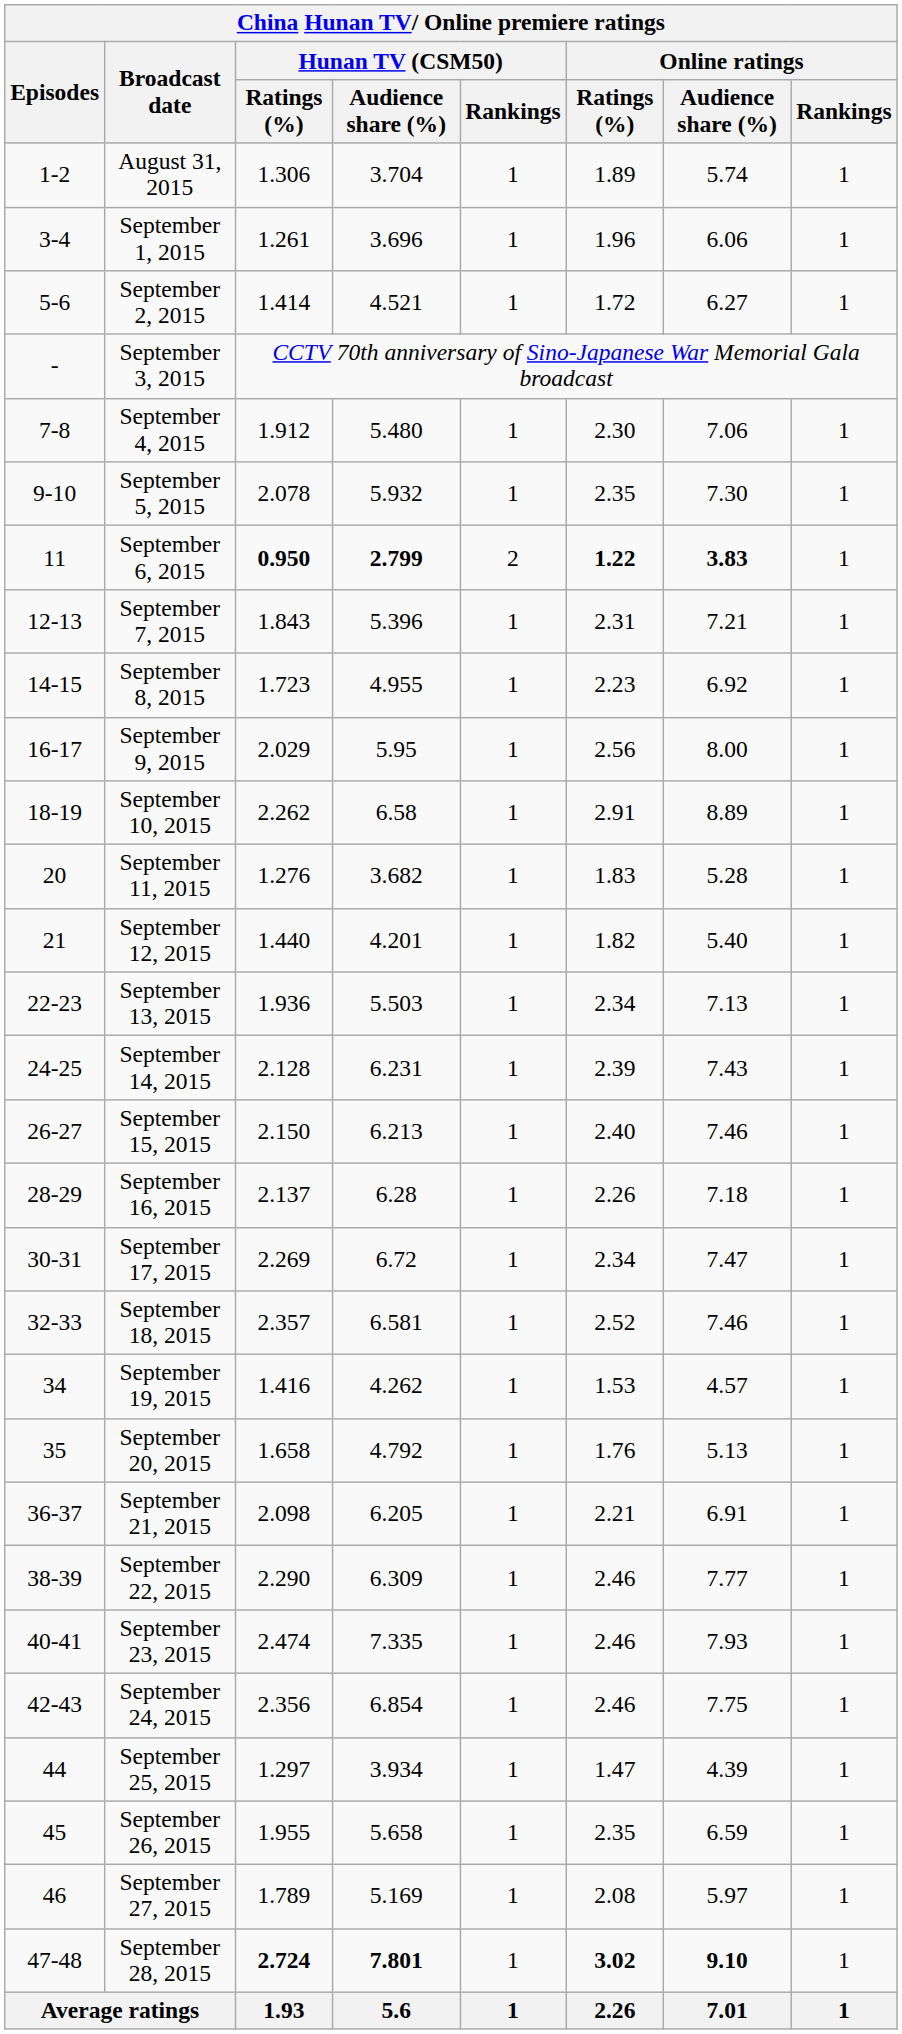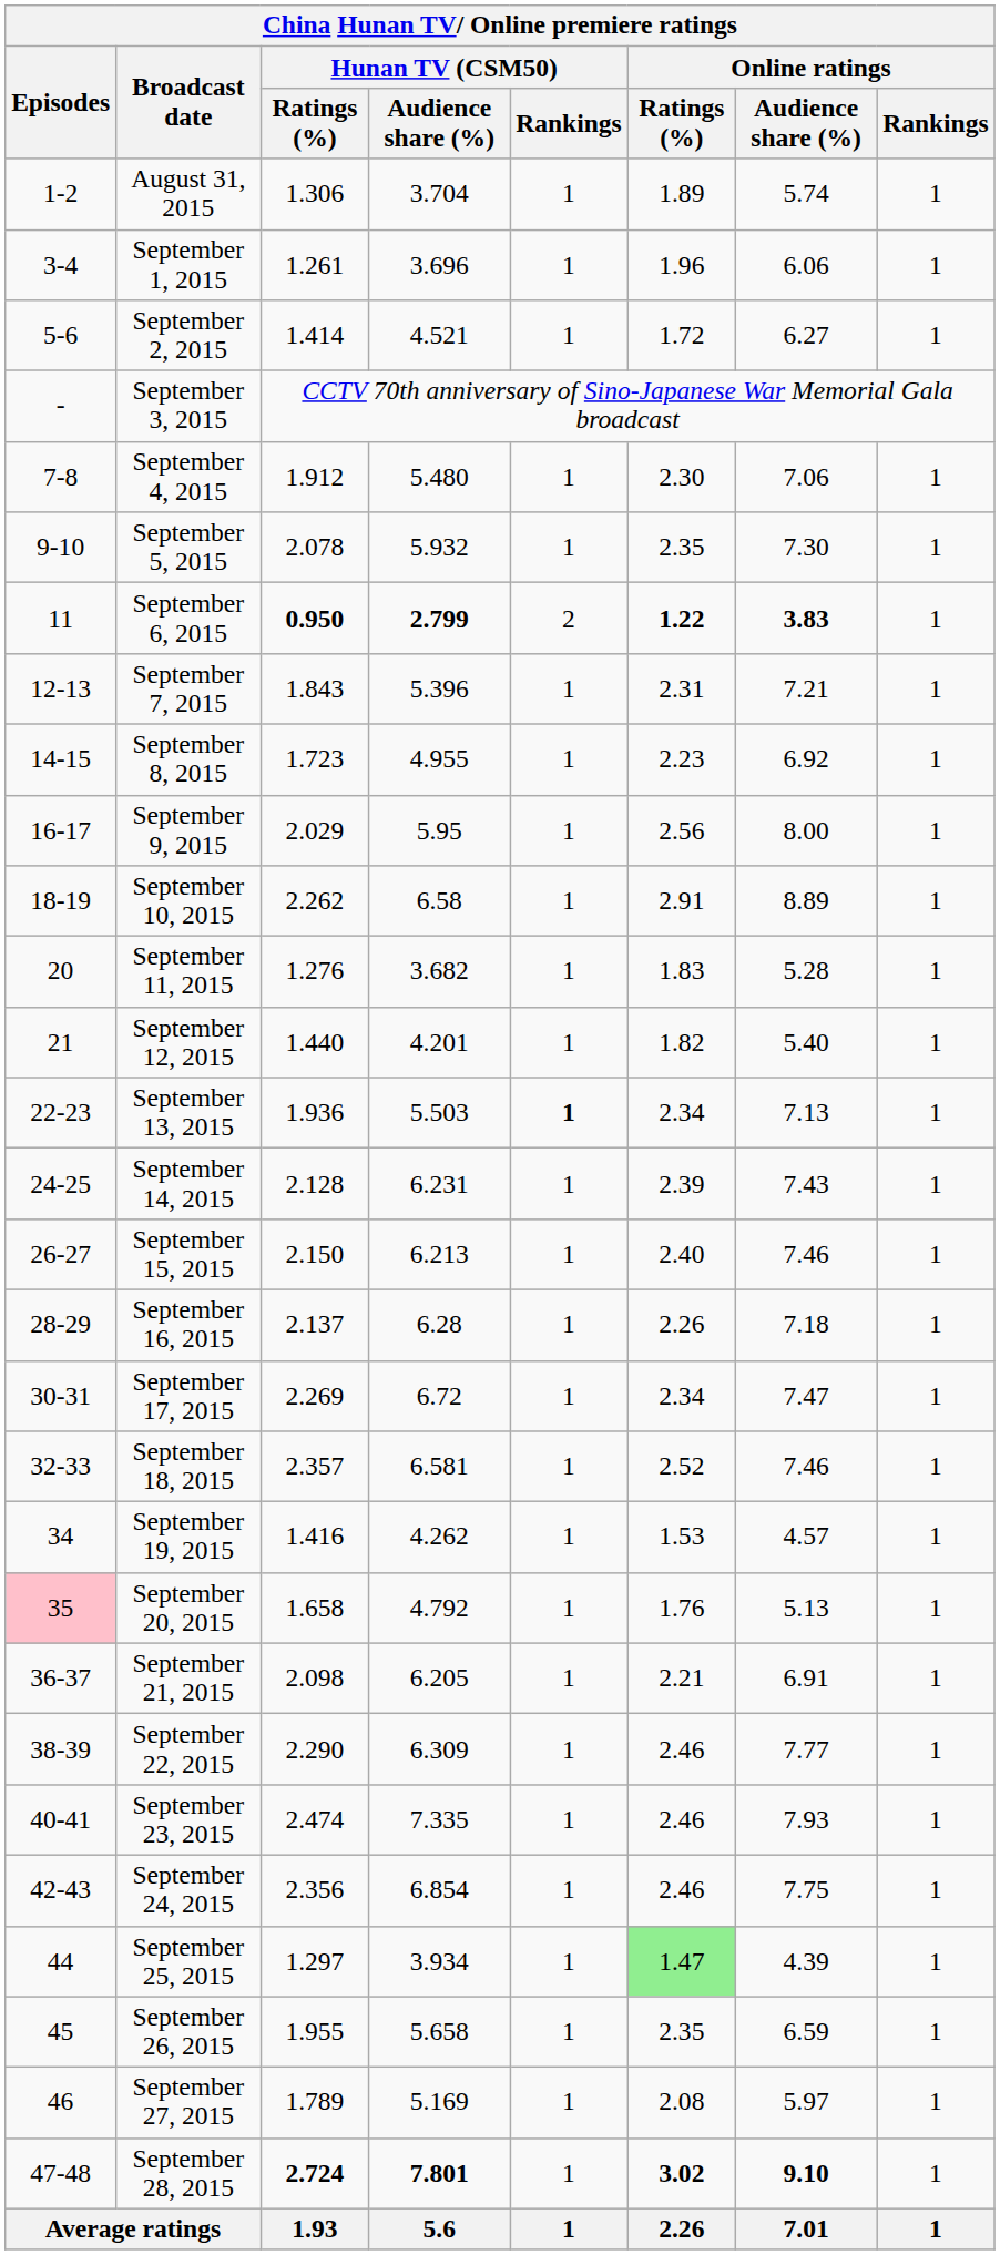 <table class="wikitable sortable mw-collapsible mw-collapsed jquery-tablesorter" style="text-align:center">
 <tr>
 <th colspan="8"><strong><a href='#'>China</a> <a href='#'>Hunan TV</a>/ Online premiere ratings</strong></th>
 </tr>
 <tr>
 <th rowspan="2"><strong>Episodes</strong></th>
 <th rowspan="2"><strong>Broadcast date</strong></th>
 <th colspan="3"><strong><a href='#'>Hunan TV</a> (CSM50)</strong></th>
 <th colspan="3"><strong>Online ratings</strong></th>
 </tr>
 <tr>
 <th><strong>Ratings (%)</strong></th>
 <th><strong>Audience share (%)</strong></th>
 <th><strong>Rankings</strong></th>
 <th><strong>Ratings (%)</strong></th>
 <th><strong>Audience share (%)</strong></th>
 <th><strong>Rankings</strong></th>
 </tr>
 <tr>
 <td>1-2</td>
 <td>August 31, 2015</td>
 <td>1.306</td>
 <td>3.704</td>
 <td>1</td>
 <td>1.89</td>
 <td>5.74</td>
 <td>1</td>
 </tr>
 <tr>
 <td>3-4</td>
 <td>September 1, 2015</td>
 <td>1.261</td>
 <td>3.696</td>
 <td>1</td>
 <td>1.96</td>
 <td>6.06</td>
 <td>1</td>
 </tr>
 <tr>
 <td>5-6</td>
 <td>September 2, 2015</td>
 <td>1.414</td>
 <td>4.521</td>
 <td>1</td>
 <td>1.72</td>
 <td>6.27</td>
 <td>1</td>
 </tr>
 <tr>
 <td>-</td>
 <td>September 3, 2015</td>
 <td colspan="6"><em><a href='#'>CCTV</a> 70th anniversary of <a href='#'>Sino-Japanese War</a> Memorial Gala broadcast</em></td>
 </tr>
 <tr>
 <td>7-8</td>
 <td>September 4, 2015</td>
 <td>1.912</td>
 <td>5.480</td>
 <td>1</td>
 <td>2.30</td>
 <td>7.06</td>
 <td>1</td>
 </tr>
 <tr>
 <td>9-10</td>
 <td>September 5, 2015</td>
 <td>2.078</td>
 <td>5.932</td>
 <td>1</td>
 <td>2.35</td>
 <td>7.30</td>
 <td>1</td>
 </tr>
 <tr>
 <td>11</td>
 <td>September 6, 2015</td>
 <td><strong><span>0.950</span></strong></td>
 <td><strong><span>2.799</span></strong></td>
 <td>2</td>
 <td><strong><span>1.22</span></strong></td>
 <td><strong><span>3.83</span></strong></td>
 <td>1</td>
 </tr>
 <tr>
 <td>12-13</td>
 <td>September 7, 2015</td>
 <td>1.843</td>
 <td>5.396</td>
 <td>1</td>
 <td>2.31</td>
 <td>7.21</td>
 <td>1</td>
 </tr>
 <tr>
 <td>14-15</td>
 <td>September 8, 2015</td>
 <td>1.723</td>
 <td>4.955</td>
 <td>1</td>
 <td>2.23</td>
 <td>6.92</td>
 <td>1</td>
 </tr>
 <tr>
 <td>16-17</td>
 <td>September 9, 2015</td>
 <td>2.029</td>
 <td>5.95</td>
 <td>1</td>
 <td>2.56</td>
 <td>8.00</td>
 <td>1</td>
 </tr>
 <tr>
 <td>18-19</td>
 <td>September 10, 2015</td>
 <td>2.262</td>
 <td>6.58</td>
 <td>1</td>
 <td>2.91</td>
 <td>8.89</td>
 <td>1</td>
 </tr>
 <tr>
 <td>20</td>
 <td>September 11, 2015</td>
 <td>1.276</td>
 <td>3.682</td>
 <td>1</td>
 <td>1.83</td>
 <td>5.28</td>
 <td>1</td>
 </tr>
 <tr>
 <td>21</td>
 <td>September 12, 2015</td>
 <td>1.440</td>
 <td>4.201</td>
 <td>1</td>
 <td>1.82</td>
 <td>5.40</td>
 <td>1</td>
 </tr>
 <tr>
 <td>22-23</td>
 <td>September 13, 2015</td>
 <td>1.936</td>
 <td>5.503</td>
-<td>1</td>
+<td><strong>1</strong></td>
 <td>2.34</td>
 <td>7.13</td>
 <td>1</td>
 </tr>
 <tr>
 <td>24-25</td>
 <td>September 14, 2015</td>
 <td>2.128</td>
 <td>6.231</td>
 <td>1</td>
 <td>2.39</td>
 <td>7.43</td>
 <td>1</td>
 </tr>
 <tr>
 <td>26-27</td>
 <td>September 15, 2015</td>
 <td>2.150</td>
 <td>6.213</td>
 <td>1</td>
 <td>2.40</td>
 <td>7.46</td>
 <td>1</td>
 </tr>
 <tr>
 <td>28-29</td>
 <td>September 16, 2015</td>
 <td>2.137</td>
 <td>6.28</td>
 <td>1</td>
 <td>2.26</td>
 <td>7.18</td>
 <td>1</td>
 </tr>
 <tr>
 <td>30-31</td>
 <td>September 17, 2015</td>
 <td>2.269</td>
 <td>6.72</td>
 <td>1</td>
 <td>2.34</td>
 <td>7.47</td>
 <td>1</td>
 </tr>
 <tr>
 <td>32-33</td>
 <td>September 18, 2015</td>
 <td>2.357</td>
 <td>6.581</td>
 <td>1</td>
 <td>2.52</td>
 <td>7.46</td>
 <td>1</td>
 </tr>
 <tr>
 <td>34</td>
 <td>September 19, 2015</td>
 <td>1.416</td>
 <td>4.262</td>
 <td>1</td>
 <td>1.53</td>
 <td>4.57</td>
 <td>1</td>
 </tr>
 <tr>
-<td>35</td>
+<td style="background: pink;">35</td>
 <td>September 20, 2015</td>
 <td>1.658</td>
 <td>4.792</td>
 <td>1</td>
 <td>1.76</td>
 <td>5.13</td>
 <td>1</td>
 </tr>
 <tr>
 <td>36-37</td>
 <td>September 21, 2015</td>
 <td>2.098</td>
 <td>6.205</td>
 <td>1</td>
 <td>2.21</td>
 <td>6.91</td>
 <td>1</td>
 </tr>
 <tr>
 <td>38-39</td>
 <td>September 22, 2015</td>
 <td>2.290</td>
 <td>6.309</td>
 <td>1</td>
 <td>2.46</td>
 <td>7.77</td>
 <td>1</td>
 </tr>
 <tr>
 <td>40-41</td>
 <td>September 23, 2015</td>
 <td>2.474</td>
 <td>7.335</td>
 <td>1</td>
 <td>2.46</td>
 <td>7.93</td>
 <td>1</td>
 </tr>
 <tr>
 <td>42-43</td>
 <td>September 24, 2015</td>
 <td>2.356</td>
 <td>6.854</td>
 <td>1</td>
 <td>2.46</td>
 <td>7.75</td>
 <td>1</td>
 </tr>
 <tr>
 <td>44</td>
 <td>September 25, 2015</td>
 <td>1.297</td>
 <td>3.934</td>
 <td>1</td>
-<td>1.47</td>
+<td style="background: lightgreen;">1.47</td>
 <td>4.39</td>
 <td>1</td>
 </tr>
 <tr>
 <td>45</td>
 <td>September 26, 2015</td>
 <td>1.955</td>
 <td>5.658</td>
 <td>1</td>
 <td>2.35</td>
 <td>6.59</td>
 <td>1</td>
 </tr>
 <tr>
 <td>46</td>
 <td>September 27, 2015</td>
 <td>1.789</td>
 <td>5.169</td>
 <td>1</td>
 <td>2.08</td>
 <td>5.97</td>
 <td>1</td>
 </tr>
 <tr>
 <td>47-48</td>
 <td>September 28, 2015</td>
 <td><strong><span>2.724</span></strong></td>
 <td><strong><span>7.801</span></strong></td>
 <td>1</td>
 <td><strong><span>3.02</span></strong></td>
 <td><strong><span>9.10</span></strong></td>
 <td>1</td>
 </tr>
 <tr>
 <th colspan="2">Average ratings</th>
 <th>1.93</th>
 <th>5.6</th>
 <th>1</th>
 <th>2.26</th>
 <th>7.01</th>
 <th>1</th>
 </tr>
 </table>
